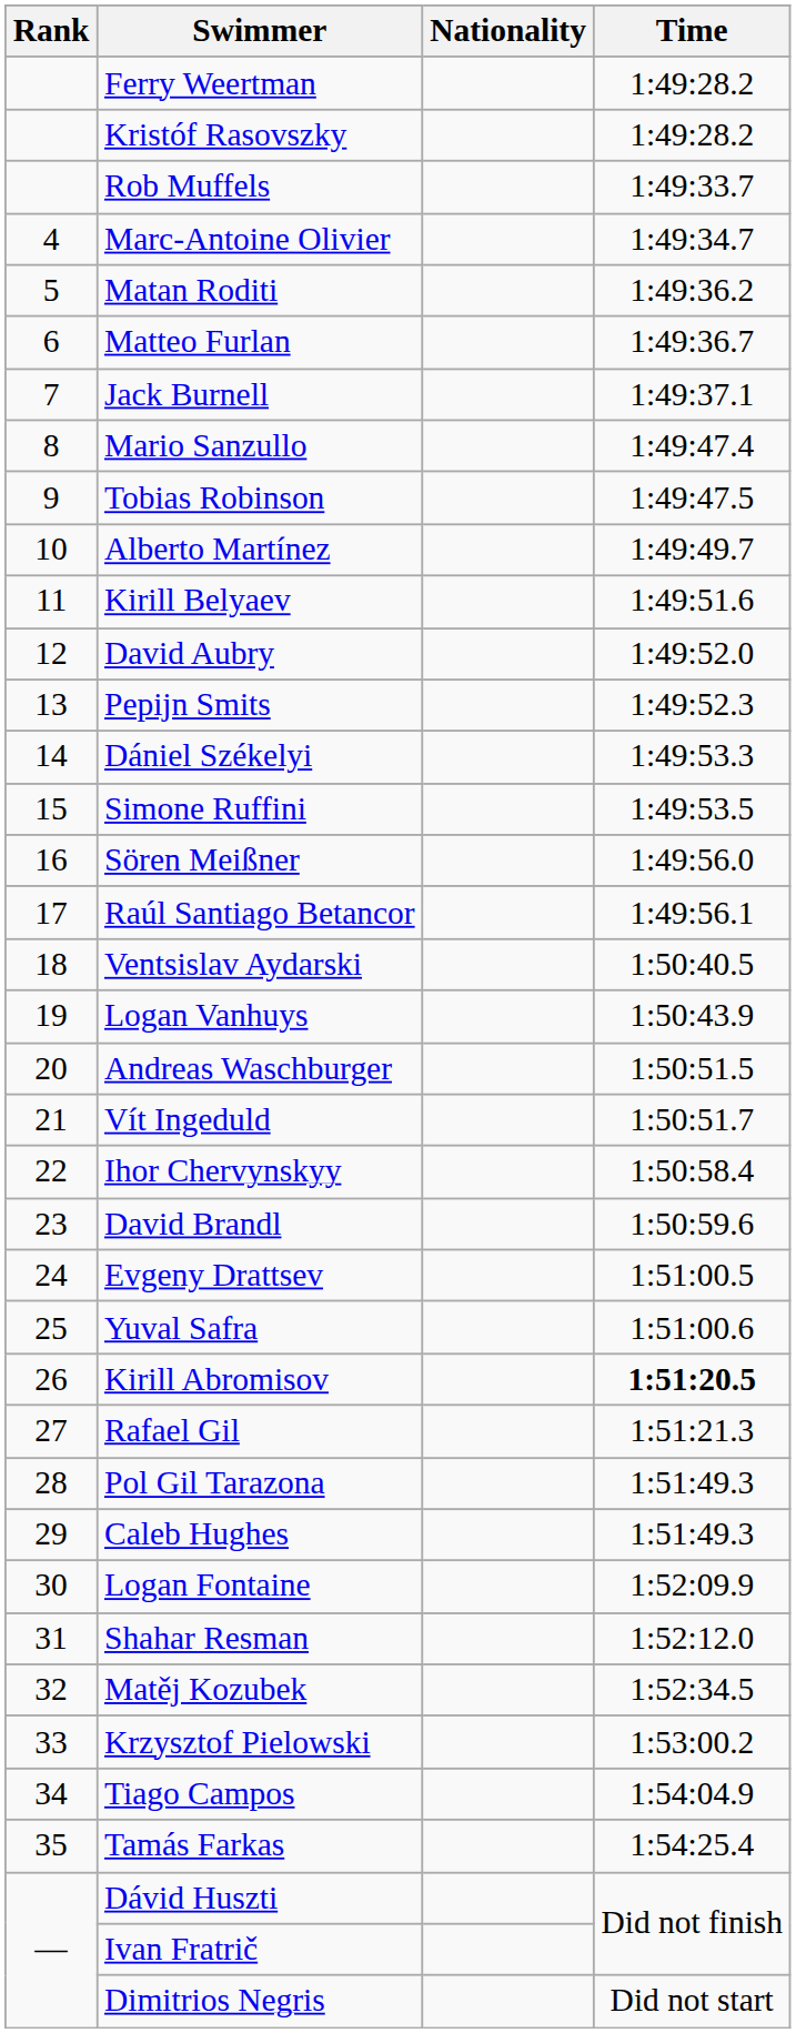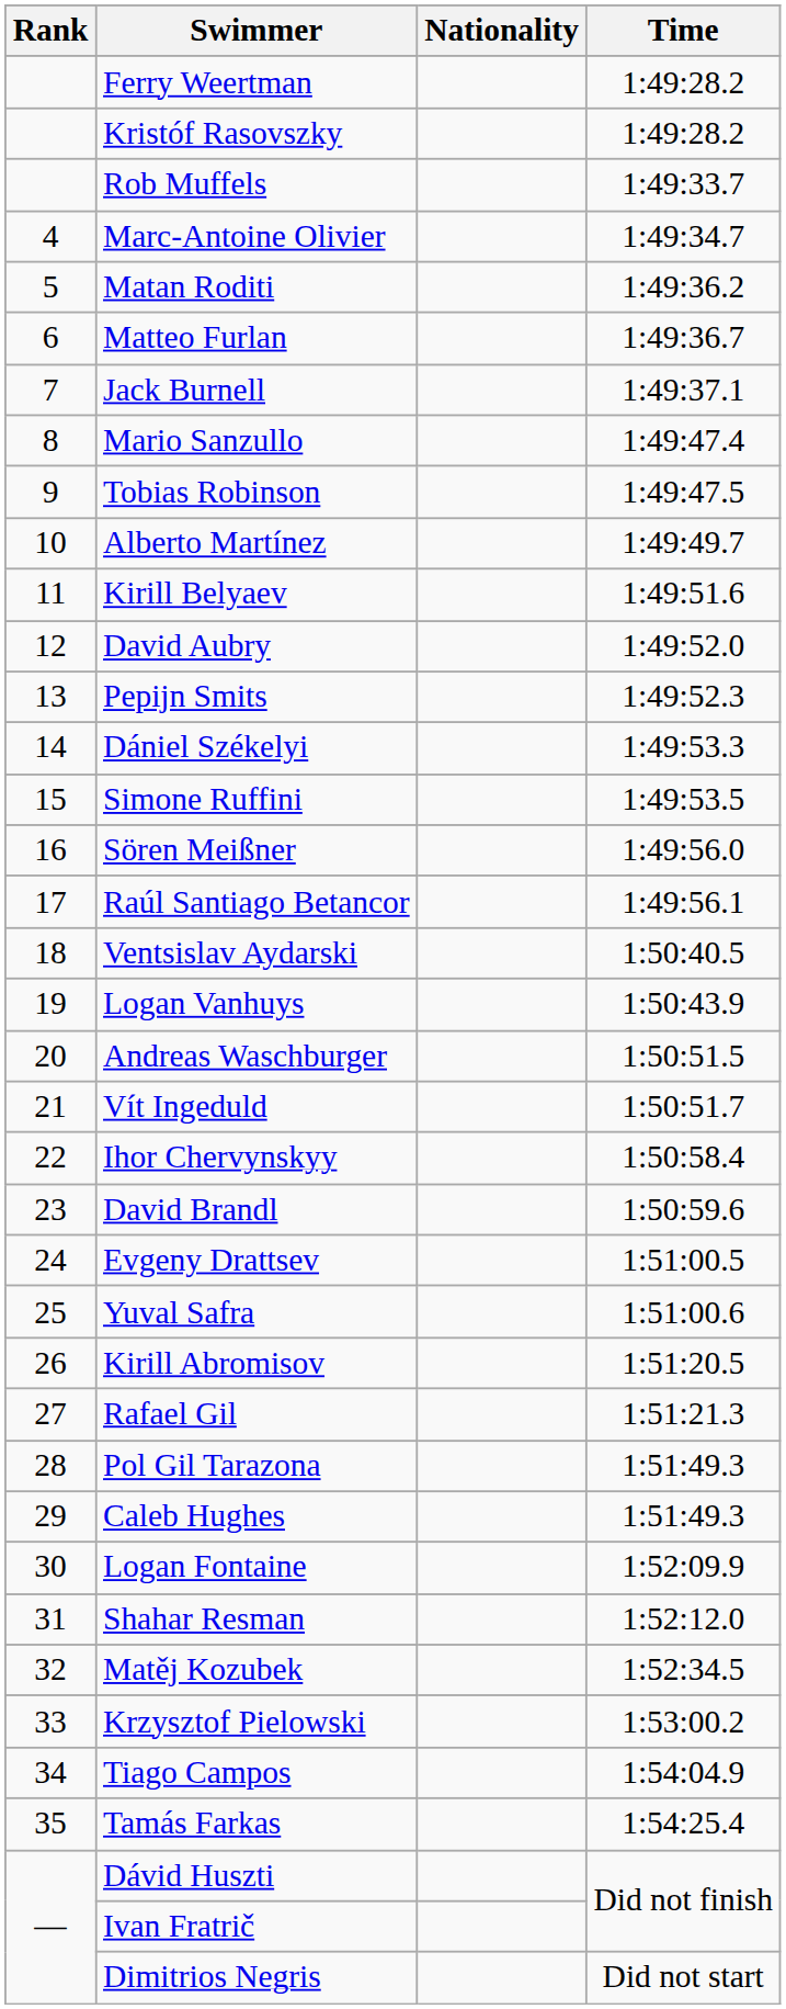 <table class="wikitable sortable" border="1" style="text-align:center">
 <tr>
 <th>Rank</th>
 <th>Swimmer</th>
 <th>Nationality</th>
 <th>Time</th>
 </tr>
 <tr>
 <td></td>
 <td align=left><a href='#'>Ferry Weertman</a></td>
 <td align=left></td>
 <td>1:49:28.2</td>
 </tr>
 <tr>
 <td></td>
 <td align=left><a href='#'>Kristóf Rasovszky</a></td>
 <td align=left></td>
 <td>1:49:28.2</td>
 </tr>
 <tr>
 <td></td>
 <td align=left><a href='#'>Rob Muffels</a></td>
 <td align=left></td>
 <td>1:49:33.7</td>
 </tr>
 <tr>
 <td>4</td>
 <td align=left><a href='#'>Marc-Antoine Olivier</a></td>
 <td align=left></td>
 <td>1:49:34.7</td>
 </tr>
 <tr>
 <td>5</td>
 <td align=left><a href='#'>Matan Roditi</a></td>
 <td align=left></td>
 <td>1:49:36.2</td>
 </tr>
 <tr>
 <td>6</td>
 <td align=left><a href='#'>Matteo Furlan</a></td>
 <td align=left></td>
 <td>1:49:36.7</td>
 </tr>
 <tr>
 <td>7</td>
 <td align=left><a href='#'>Jack Burnell</a></td>
 <td align=left></td>
 <td>1:49:37.1</td>
 </tr>
 <tr>
 <td>8</td>
 <td align=left><a href='#'>Mario Sanzullo</a></td>
 <td align=left></td>
 <td>1:49:47.4</td>
 </tr>
 <tr>
 <td>9</td>
 <td align=left><a href='#'>Tobias Robinson</a></td>
 <td align=left></td>
 <td>1:49:47.5</td>
 </tr>
 <tr>
 <td>10</td>
 <td align=left><a href='#'>Alberto Martínez</a></td>
 <td align=left></td>
 <td>1:49:49.7</td>
 </tr>
 <tr>
 <td>11</td>
 <td align=left><a href='#'>Kirill Belyaev</a></td>
 <td align=left></td>
 <td>1:49:51.6</td>
 </tr>
 <tr>
 <td>12</td>
 <td align=left><a href='#'>David Aubry</a></td>
 <td align=left></td>
 <td>1:49:52.0</td>
 </tr>
 <tr>
 <td>13</td>
 <td align=left><a href='#'>Pepijn Smits</a></td>
 <td align=left></td>
 <td>1:49:52.3</td>
 </tr>
 <tr>
 <td>14</td>
 <td align=left><a href='#'>Dániel Székelyi</a></td>
 <td align=left></td>
 <td>1:49:53.3</td>
 </tr>
 <tr>
 <td>15</td>
 <td align=left><a href='#'>Simone Ruffini</a></td>
 <td align=left></td>
 <td>1:49:53.5</td>
 </tr>
 <tr>
 <td>16</td>
 <td align=left><a href='#'>Sören Meißner</a></td>
 <td align=left></td>
 <td>1:49:56.0</td>
 </tr>
 <tr>
 <td>17</td>
 <td align=left><a href='#'>Raúl Santiago Betancor</a></td>
 <td align=left></td>
 <td>1:49:56.1</td>
 </tr>
 <tr>
 <td>18</td>
 <td align=left><a href='#'>Ventsislav Aydarski</a></td>
 <td align=left></td>
 <td>1:50:40.5</td>
 </tr>
 <tr>
 <td>19</td>
 <td align=left><a href='#'>Logan Vanhuys</a></td>
 <td align=left></td>
 <td>1:50:43.9</td>
 </tr>
 <tr>
 <td>20</td>
 <td align=left><a href='#'>Andreas Waschburger</a></td>
 <td align=left></td>
 <td>1:50:51.5</td>
 </tr>
 <tr>
 <td>21</td>
 <td align=left><a href='#'>Vít Ingeduld</a></td>
 <td align=left></td>
 <td>1:50:51.7</td>
 </tr>
 <tr>
 <td>22</td>
 <td align=left><a href='#'>Ihor Chervynskyy</a></td>
 <td align=left></td>
 <td>1:50:58.4</td>
 </tr>
 <tr>
 <td>23</td>
 <td align=left><a href='#'>David Brandl</a></td>
 <td align=left></td>
 <td>1:50:59.6</td>
 </tr>
 <tr>
 <td>24</td>
 <td align=left><a href='#'>Evgeny Drattsev</a></td>
 <td align=left></td>
 <td>1:51:00.5</td>
 </tr>
 <tr>
 <td>25</td>
 <td align=left><a href='#'>Yuval Safra</a></td>
 <td align=left></td>
 <td>1:51:00.6</td>
 </tr>
 <tr>
 <td>26</td>
 <td align=left><a href='#'>Kirill Abromisov</a></td>
 <td align=left></td>
-<td><strong>1:51:20.5</strong></td>
+<td>1:51:20.5</td>
 </tr>
 <tr>
 <td>27</td>
 <td align=left><a href='#'>Rafael Gil</a></td>
 <td align=left></td>
 <td>1:51:21.3</td>
 </tr>
 <tr>
 <td>28</td>
 <td align=left><a href='#'>Pol Gil Tarazona</a></td>
 <td align=left></td>
 <td>1:51:49.3</td>
 </tr>
 <tr>
 <td>29</td>
 <td align=left><a href='#'>Caleb Hughes</a></td>
 <td align=left></td>
 <td>1:51:49.3</td>
 </tr>
 <tr>
 <td>30</td>
 <td align=left><a href='#'>Logan Fontaine</a></td>
 <td align=left></td>
 <td>1:52:09.9</td>
 </tr>
 <tr>
 <td>31</td>
 <td align=left><a href='#'>Shahar Resman</a></td>
 <td align=left></td>
 <td>1:52:12.0</td>
 </tr>
 <tr>
 <td>32</td>
 <td align=left><a href='#'>Matěj Kozubek</a></td>
 <td align=left></td>
 <td>1:52:34.5</td>
 </tr>
 <tr>
 <td>33</td>
 <td align=left><a href='#'>Krzysztof Pielowski</a></td>
 <td align=left></td>
 <td>1:53:00.2</td>
 </tr>
 <tr>
 <td>34</td>
 <td align=left><a href='#'>Tiago Campos</a></td>
 <td align=left></td>
 <td>1:54:04.9</td>
 </tr>
 <tr>
 <td>35</td>
 <td align=left><a href='#'>Tamás Farkas</a></td>
 <td align=left></td>
 <td>1:54:25.4</td>
 </tr>
 <tr>
 <td rowspan=3>—</td>
 <td align=left><a href='#'>Dávid Huszti</a></td>
 <td align=left></td>
 <td rowspan=2>Did not finish</td>
 </tr>
 <tr>
 <td align=left><a href='#'>Ivan Fratrič</a></td>
 <td align=left></td>
 </tr>
 <tr>
 <td align=left><a href='#'>Dimitrios Negris</a></td>
 <td align=left></td>
 <td>Did not start</td>
 </tr>
 </table>
